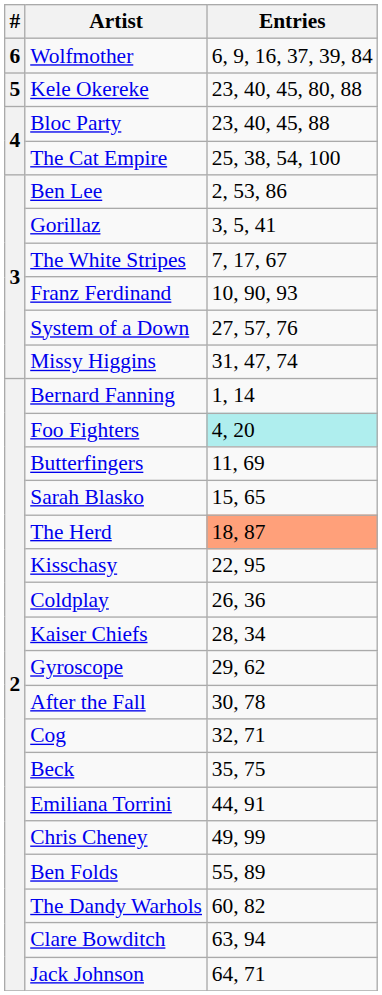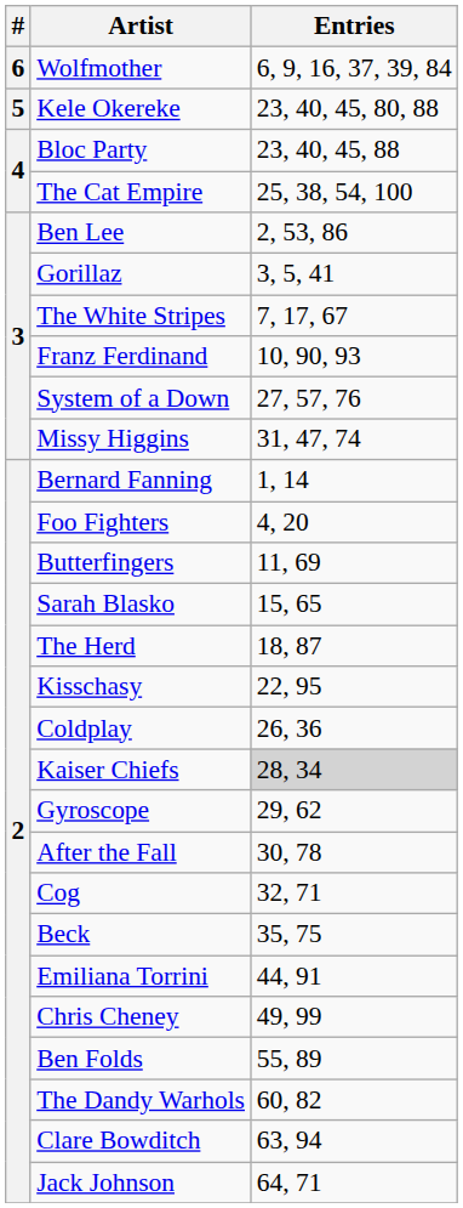 <table class="wikitable sortable">
 <tr>
 <th>#</th>
 <th>Artist</th>
 <th>Entries</th>
 </tr>
 <tr>
 <th>6</th>
 <td><a href='#'>Wolfmother</a></td>
 <td>6, 9, 16, 37, 39, 84</td>
 </tr>
 <tr>
 <th>5</th>
 <td><a href='#'>Kele Okereke</a></td>
 <td>23, 40, 45, 80, 88</td>
 </tr>
 <tr>
 <th rowspan="2">4</th>
 <td><a href='#'>Bloc Party</a></td>
 <td>23, 40, 45, 88</td>
 </tr>
 <tr>
 <td><a href='#'>The Cat Empire</a></td>
 <td>25, 38, 54, 100</td>
 </tr>
 <tr>
 <th rowspan="6">3</th>
 <td><a href='#'>Ben Lee</a></td>
 <td>2, 53, 86</td>
 </tr>
 <tr>
 <td><a href='#'>Gorillaz</a></td>
 <td>3, 5, 41</td>
 </tr>
 <tr>
 <td><a href='#'>The White Stripes</a></td>
 <td>7, 17, 67</td>
 </tr>
 <tr>
 <td><a href='#'>Franz Ferdinand</a></td>
 <td>10, 90, 93</td>
 </tr>
 <tr>
 <td><a href='#'>System of a Down</a></td>
 <td>27, 57, 76</td>
 </tr>
 <tr>
 <td><a href='#'>Missy Higgins</a></td>
 <td>31, 47, 74</td>
 </tr>
 <tr>
 <th rowspan="18">2</th>
 <td><a href='#'>Bernard Fanning</a></td>
 <td>1, 14</td>
 </tr>
 <tr>
 <td><a href='#'>Foo Fighters</a></td>
-<td style="background: paleturquoise;">4, 20</td>
+<td>4, 20</td>
 </tr>
 <tr>
 <td><a href='#'>Butterfingers</a></td>
 <td>11, 69</td>
 </tr>
 <tr>
 <td><a href='#'>Sarah Blasko</a></td>
 <td>15, 65</td>
 </tr>
 <tr>
 <td><a href='#'>The Herd</a></td>
-<td style="background: lightsalmon;">18, 87</td>
+<td>18, 87</td>
 </tr>
 <tr>
 <td><a href='#'>Kisschasy</a></td>
 <td>22, 95</td>
 </tr>
 <tr>
 <td><a href='#'>Coldplay</a></td>
 <td>26, 36</td>
 </tr>
 <tr>
 <td><a href='#'>Kaiser Chiefs</a></td>
-<td>28, 34</td>
+<td style="background: lightgrey;">28, 34</td>
 </tr>
 <tr>
 <td><a href='#'>Gyroscope</a></td>
 <td>29, 62</td>
 </tr>
 <tr>
 <td><a href='#'>After the Fall</a></td>
 <td>30, 78</td>
 </tr>
 <tr>
 <td><a href='#'>Cog</a></td>
 <td>32, 71</td>
 </tr>
 <tr>
 <td><a href='#'>Beck</a></td>
 <td>35, 75</td>
 </tr>
 <tr>
 <td><a href='#'>Emiliana Torrini</a></td>
 <td>44, 91</td>
 </tr>
 <tr>
 <td><a href='#'>Chris Cheney</a></td>
 <td>49, 99</td>
 </tr>
 <tr>
 <td><a href='#'>Ben Folds</a></td>
 <td>55, 89</td>
 </tr>
 <tr>
 <td><a href='#'>The Dandy Warhols</a></td>
 <td>60, 82</td>
 </tr>
 <tr>
 <td><a href='#'>Clare Bowditch</a></td>
 <td>63, 94</td>
 </tr>
 <tr>
 <td><a href='#'>Jack Johnson</a></td>
 <td>64, 71</td>
 </tr>
 </table>
